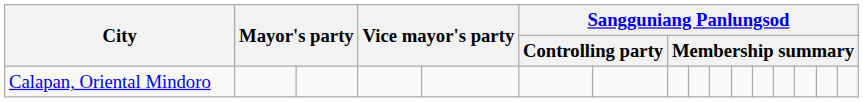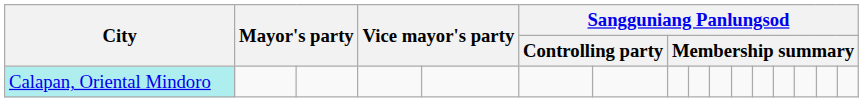 <table class="wikitable" style="font-size:95%;">
 <tr>
 <th width="180px" rowspan="2">City</th>
 <th colspan="2" rowspan="2">Mayor's party</th>
 <th colspan="2" rowspan="2">Vice mayor's party</th>
 <th colspan="14"><a href='#'>Sangguniang Panlungsod</a></th>
 </tr>
 <tr>
 <th colspan="2">Controlling party</th>
 <th colspan="12">Membership summary</th>
 </tr>
 <tr>
-<td><a href='#'>Calapan, Oriental Mindoro</a></td>
+<td style="background: paleturquoise;"><a href='#'>Calapan, Oriental Mindoro</a></td>
 <td></td>
 <td></td>
 <td></td>
 <td> </td>
 <td> </td>
 <td> </td>
 <td> </td>
 <td> </td>
 <td> </td>
 <td> </td>
 <td> </td>
 <td> </td>
 <td> </td>
 <td> </td>
 <td> </td>
 </tr>
 </table>
